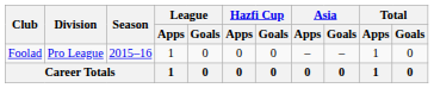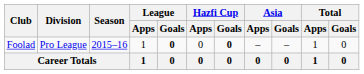 <table class="wikitable" style="text-align: center;">
 <tr>
 <th rowspan="2">Club</th>
 <th rowspan="2">Division</th>
 <th rowspan="2">Season</th>
 <th colspan="2">League</th>
 <th colspan="2"><a href='#'>Hazfi Cup</a></th>
 <th colspan="2"><a href='#'>Asia</a></th>
 <th colspan="2">Total</th>
 </tr>
 <tr>
 <th>Apps</th>
 <th>Goals</th>
 <th>Apps</th>
 <th>Goals</th>
 <th>Apps</th>
 <th>Goals</th>
 <th>Apps</th>
 <th>Goals</th>
 </tr>
 <tr>
 <td><a href='#'>Foolad</a></td>
 <td><a href='#'>Pro League</a></td>
 <td><a href='#'>2015–16</a></td>
 <td>1</td>
+<td><strong>0</strong></td>
 <td>0</td>
-<td>0</td>
-<td>0</td>
+<td><strong>0</strong></td>
 <td>–</td>
 <td>–</td>
 <td>1</td>
 <td>0</td>
 </tr>
 <tr>
 <th colspan=3>Career Totals</th>
 <th>1</th>
 <th>0</th>
 <th>0</th>
 <th>0</th>
 <th>0</th>
 <th>0</th>
 <th>1</th>
 <th>0</th>
 </tr>
 </table>
